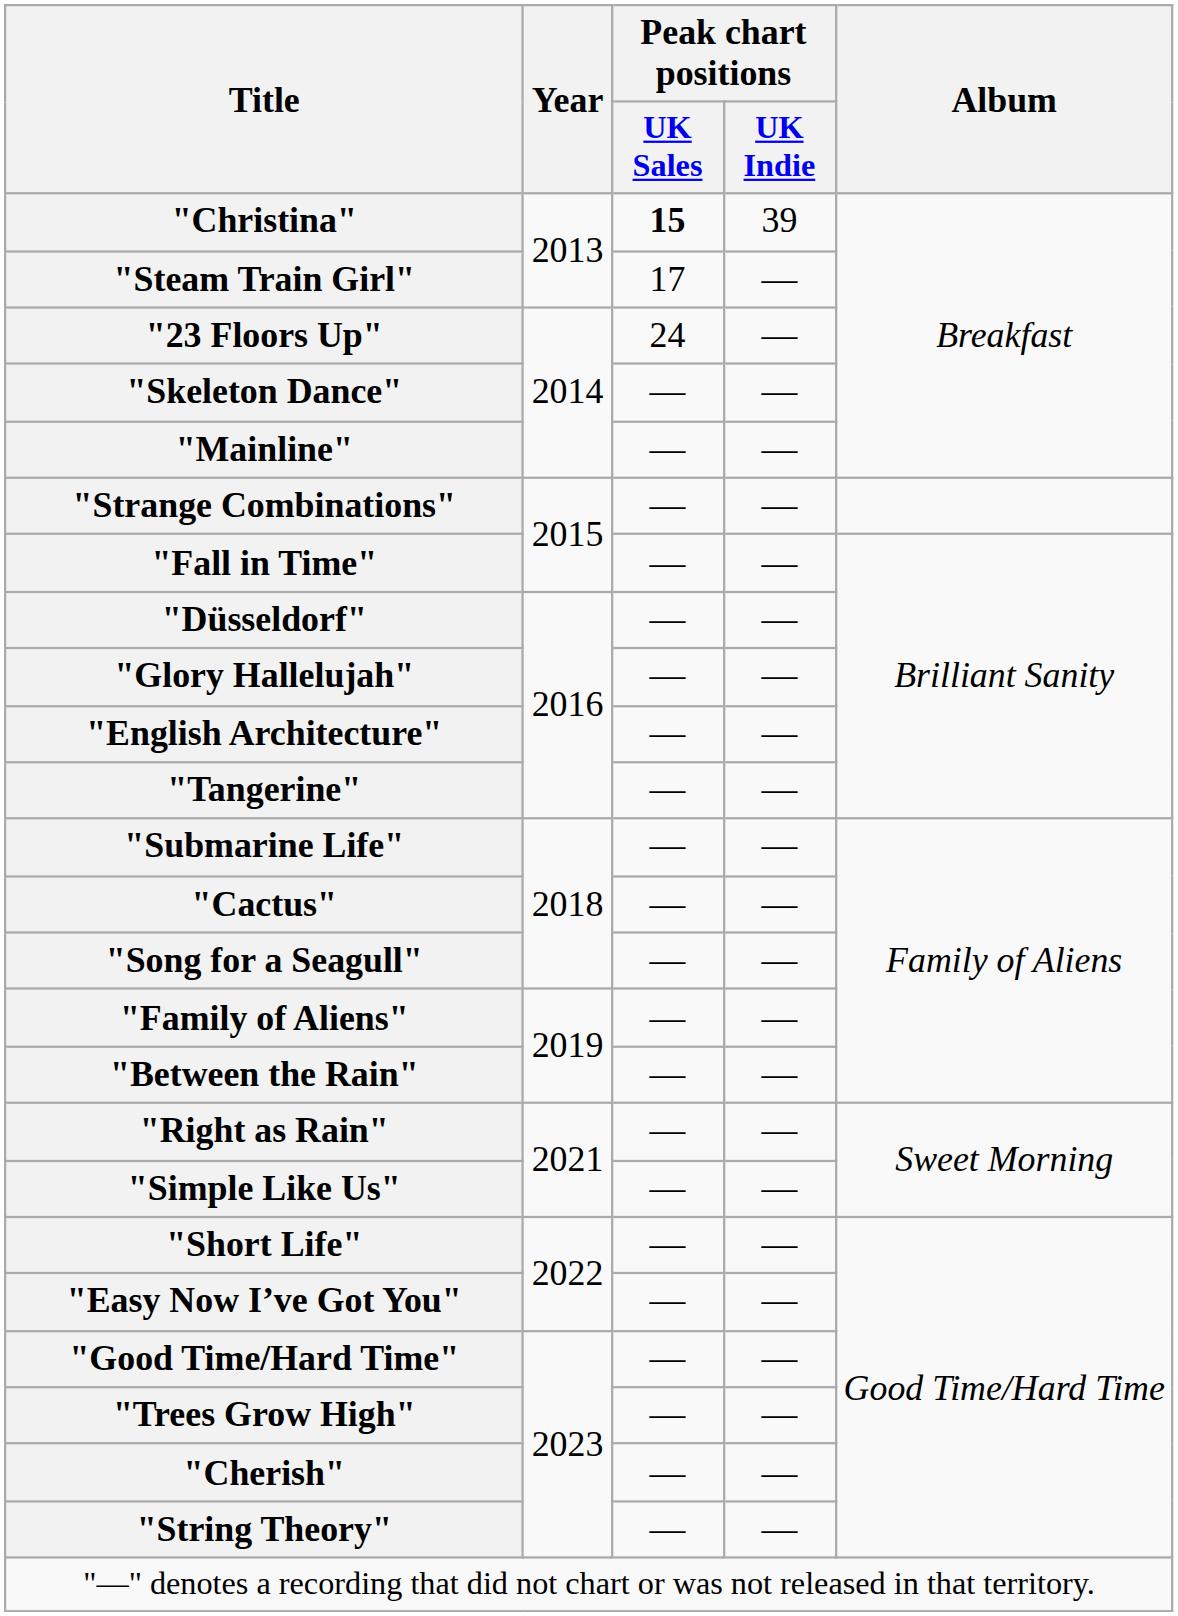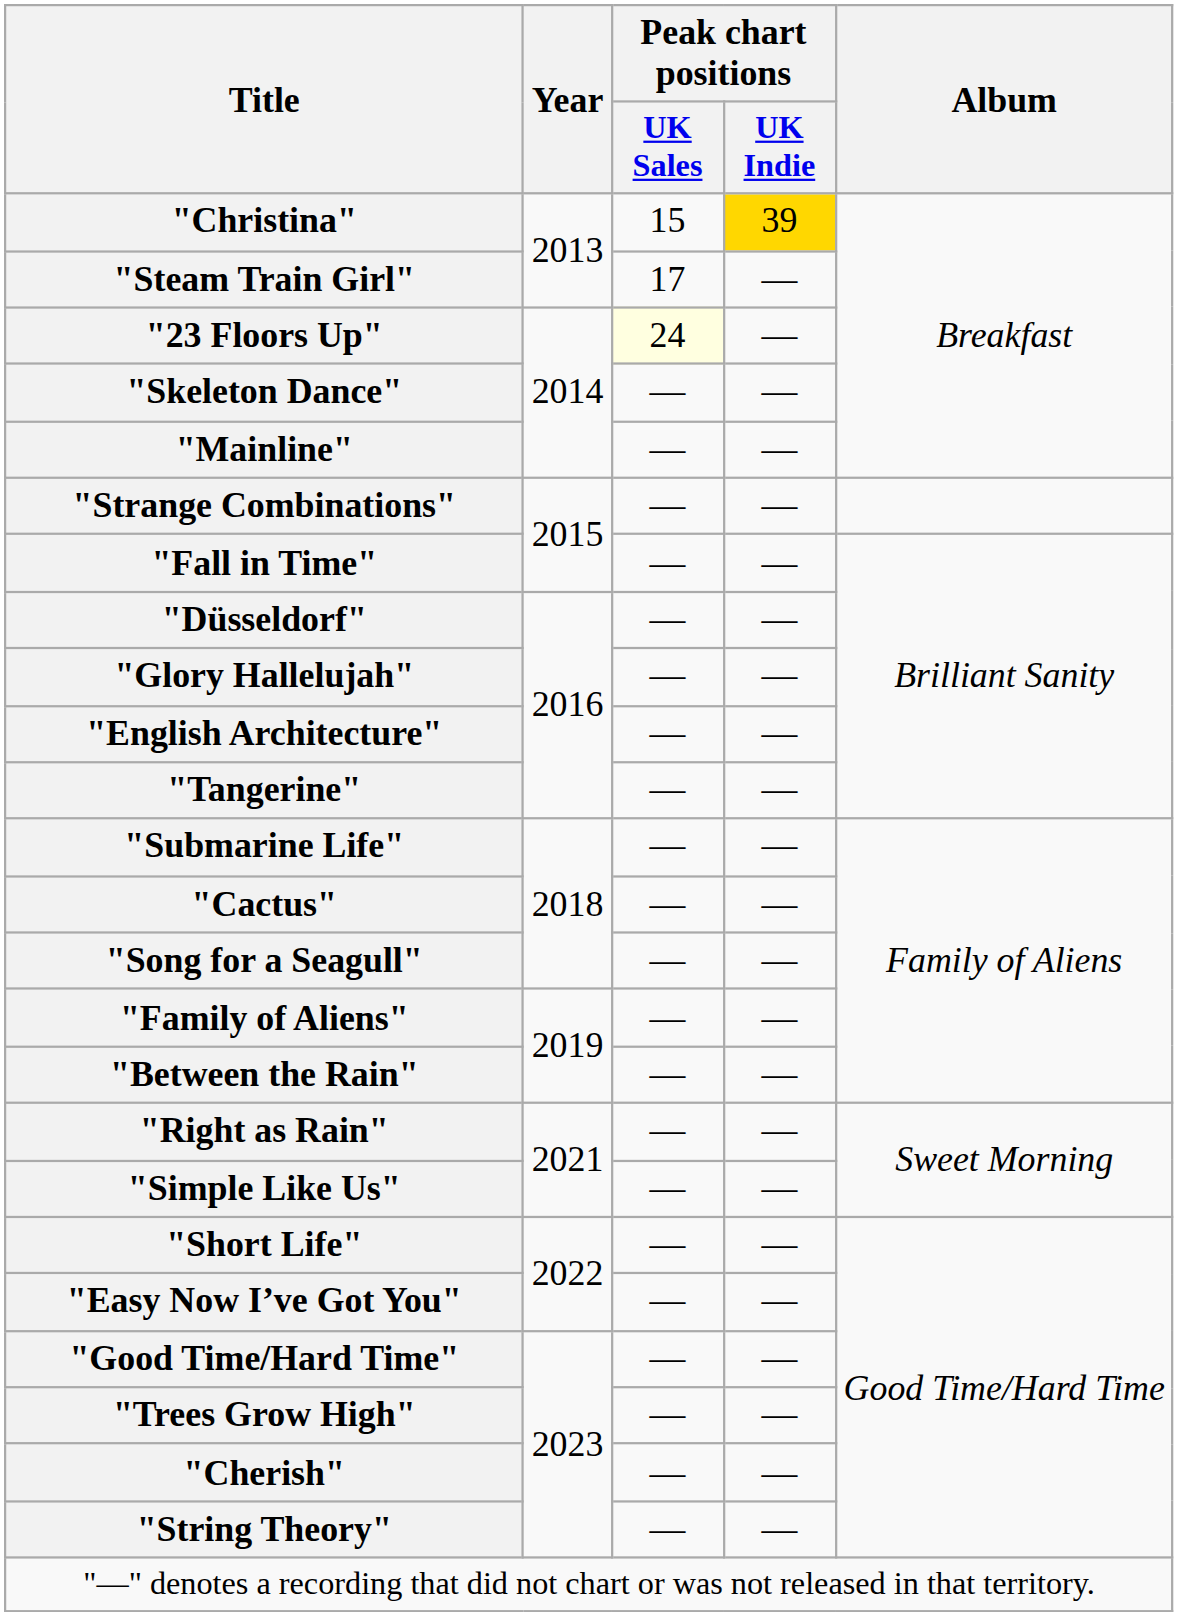 <table class="wikitable plainrowheaders" style="text-align:center;">
 <tr>
 <th scope="col" rowspan="2" style="width:14em;">Title</th>
 <th scope="col" rowspan="2">Year</th>
 <th scope="col" colspan="2">Peak chart positions</th>
 <th scope="col" rowspan="2">Album</th>
 </tr>
 <tr>
 <th scope="col" style="width:3em;font-size:90%;"><a href='#'>UK<br>Sales</a><br></th>
 <th scope="col" style="width:3em;font-size:90%;"><a href='#'>UK<br>Indie</a><br></th>
 </tr>
 <tr>
 <th scope="row">"Christina"</th>
 <td rowspan="2">2013</td>
-<td><strong>15</strong></td>
-<td>39</td>
+<td>15</td>
+<td style="background: gold;">39</td>
 <td rowspan="5"><em>Breakfast</em></td>
 </tr>
 <tr>
 <th scope="row">"Steam Train Girl"</th>
 <td>17</td>
 <td>—</td>
 </tr>
 <tr>
 <th scope="row">"23 Floors Up"</th>
 <td rowspan="3">2014</td>
-<td>24</td>
+<td style="background: lightyellow;">24</td>
 <td>—</td>
 </tr>
 <tr>
 <th scope="row">"Skeleton Dance"</th>
 <td>—</td>
 <td>—</td>
 </tr>
 <tr>
 <th scope="row">"Mainline"</th>
 <td>—</td>
 <td>—</td>
 </tr>
 <tr>
 <th scope="row">"Strange Combinations"</th>
 <td rowspan="2">2015</td>
 <td>—</td>
 <td>—</td>
 <td></td>
 </tr>
 <tr>
 <th scope="row">"Fall in Time"</th>
 <td>—</td>
 <td>—</td>
 <td rowspan="5"><em>Brilliant Sanity</em></td>
 </tr>
 <tr>
 <th scope="row">"Düsseldorf"</th>
 <td rowspan="4">2016</td>
 <td>—</td>
 <td>—</td>
 </tr>
 <tr>
 <th scope="row">"Glory Hallelujah"</th>
 <td>—</td>
 <td>—</td>
 </tr>
 <tr>
 <th scope="row">"English Architecture"</th>
 <td>—</td>
 <td>—</td>
 </tr>
 <tr>
 <th scope="row">"Tangerine"</th>
 <td>—</td>
 <td>—</td>
 </tr>
 <tr>
 <th scope="row">"Submarine Life"</th>
 <td rowspan="3">2018</td>
 <td>—</td>
 <td>—</td>
 <td rowspan="5"><em>Family of Aliens</em></td>
 </tr>
 <tr>
 <th scope="row">"Cactus"</th>
 <td>—</td>
 <td>—</td>
 </tr>
 <tr>
 <th scope="row">"Song for a Seagull"</th>
 <td>—</td>
 <td>—</td>
 </tr>
 <tr>
 <th scope="row">"Family of Aliens"</th>
 <td rowspan="2">2019</td>
 <td>—</td>
 <td>—</td>
 </tr>
 <tr>
 <th scope="row">"Between the Rain"</th>
 <td>—</td>
 <td>—</td>
 </tr>
 <tr>
 <th scope="row">"Right as Rain"</th>
 <td rowspan="2">2021</td>
 <td>—</td>
 <td>—</td>
 <td rowspan="2"><em>Sweet Morning</em></td>
 </tr>
 <tr>
 <th scope="row">"Simple Like Us"</th>
 <td>—</td>
 <td>—</td>
 </tr>
 <tr>
 <th scope="row">"Short Life"</th>
 <td rowspan="2">2022</td>
 <td>—</td>
 <td>—</td>
 <td rowspan="6"><em>Good Time/Hard Time</em></td>
 </tr>
 <tr>
 <th scope="row">"Easy Now I’ve Got You"</th>
 <td>—</td>
 <td>—</td>
 </tr>
 <tr>
 <th scope="row">"Good Time/Hard Time"</th>
 <td rowspan="4">2023</td>
 <td>—</td>
 <td>—</td>
 </tr>
 <tr>
 <th scope="row">"Trees Grow High"</th>
 <td>—</td>
 <td>—</td>
 </tr>
 <tr>
 <th scope="row">"Cherish"</th>
 <td>—</td>
 <td>—</td>
 </tr>
 <tr>
 <th scope="row">"String Theory"</th>
 <td>—</td>
 <td>—</td>
 </tr>
 <tr>
 <td colspan="10" style="font-size:90%">"—" denotes a recording that did not chart or was not released in that territory.</td>
 </tr>
 </table>
